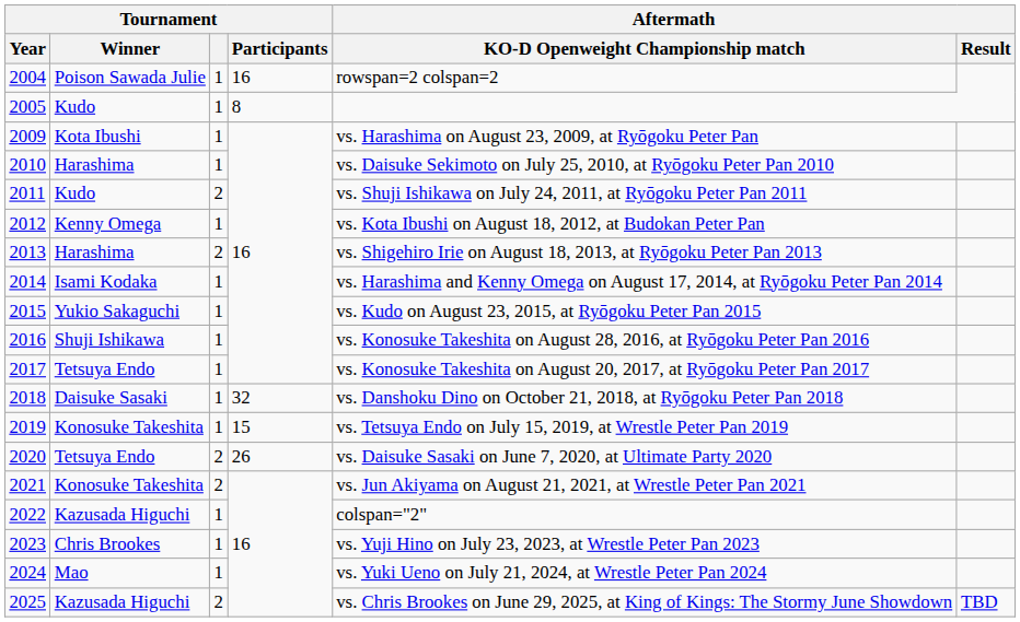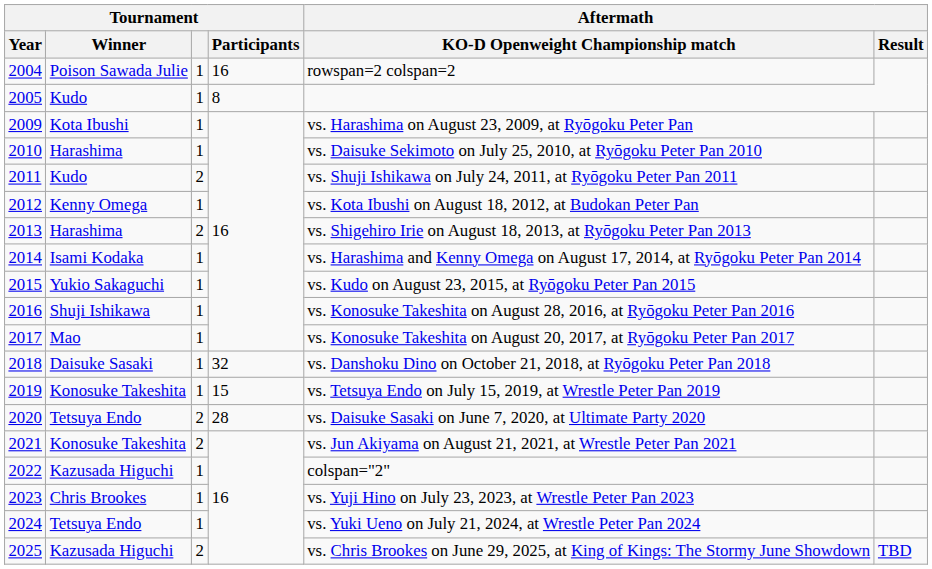 <table class="wikitable sortable">
 <tr>
 <th colspan="4">Tournament</th>
 <th colspan="2">Aftermath</th>
 </tr>
 <tr>
 <th>Year</th>
 <th>Winner</th>
 <th></th>
 <th>Participants</th>
 <th>KO-D Openweight Championship match</th>
 <th>Result</th>
 </tr>
 <tr>
 <td><a href='#'>2004</a></td>
 <td><a href='#'>Poison Sawada Julie</a></td>
 <td>1</td>
 <td>16</td>
 <td>rowspan=2 colspan=2 </td>
 </tr>
 <tr>
 <td><a href='#'>2005</a></td>
 <td><a href='#'>Kudo</a></td>
 <td>1</td>
 <td>8</td>
 </tr>
 <tr>
 <td><a href='#'>2009</a></td>
 <td><a href='#'>Kota Ibushi</a></td>
 <td>1</td>
 <td rowspan=9>16</td>
 <td>vs. <a href='#'>Harashima</a> on August 23, 2009, at <a href='#'>Ryōgoku Peter Pan</a></td>
 <td></td>
 </tr>
 <tr>
 <td><a href='#'>2010</a></td>
 <td><a href='#'>Harashima</a></td>
 <td>1</td>
 <td>vs. <a href='#'>Daisuke Sekimoto</a> on July 25, 2010, at <a href='#'>Ryōgoku Peter Pan 2010</a></td>
 <td></td>
 </tr>
 <tr>
 <td><a href='#'>2011</a></td>
 <td><a href='#'>Kudo</a></td>
 <td>2</td>
 <td>vs. <a href='#'>Shuji Ishikawa</a> on July 24, 2011, at <a href='#'>Ryōgoku Peter Pan 2011</a></td>
 <td></td>
 </tr>
 <tr>
 <td><a href='#'>2012</a></td>
 <td><a href='#'>Kenny Omega</a></td>
 <td>1</td>
 <td>vs. <a href='#'>Kota Ibushi</a> on August 18, 2012, at <a href='#'>Budokan Peter Pan</a></td>
 <td></td>
 </tr>
 <tr>
 <td><a href='#'>2013</a></td>
 <td><a href='#'>Harashima</a></td>
 <td>2</td>
 <td>vs. <a href='#'>Shigehiro Irie</a> on August 18, 2013, at <a href='#'>Ryōgoku Peter Pan 2013</a></td>
 <td></td>
 </tr>
 <tr>
 <td><a href='#'>2014</a></td>
 <td><a href='#'>Isami Kodaka</a></td>
 <td>1</td>
 <td>vs. <a href='#'>Harashima</a>  and <a href='#'>Kenny Omega</a> on August 17, 2014, at <a href='#'>Ryōgoku Peter Pan 2014</a></td>
 <td></td>
 </tr>
 <tr>
 <td><a href='#'>2015</a></td>
 <td><a href='#'>Yukio Sakaguchi</a></td>
 <td>1</td>
 <td>vs. <a href='#'>Kudo</a> on August 23, 2015, at <a href='#'>Ryōgoku Peter Pan 2015</a></td>
 <td></td>
 </tr>
 <tr>
 <td><a href='#'>2016</a></td>
 <td><a href='#'>Shuji Ishikawa</a></td>
 <td>1</td>
 <td>vs. <a href='#'>Konosuke Takeshita</a> on August 28, 2016, at <a href='#'>Ryōgoku Peter Pan 2016</a></td>
 <td></td>
 </tr>
 <tr>
 <td><a href='#'>2017</a></td>
-<td><a href='#'>Tetsuya Endo</a></td>
+<td><a href='#'>Mao</a></td>
 <td>1</td>
 <td>vs. <a href='#'>Konosuke Takeshita</a> on August 20, 2017, at <a href='#'>Ryōgoku Peter Pan 2017</a></td>
 <td></td>
 </tr>
 <tr>
 <td><a href='#'>2018</a></td>
 <td><a href='#'>Daisuke Sasaki</a></td>
 <td>1</td>
 <td>32</td>
 <td>vs. <a href='#'>Danshoku Dino</a> on October 21, 2018, at <a href='#'>Ryōgoku Peter Pan 2018</a></td>
 <td></td>
 </tr>
 <tr>
 <td><a href='#'>2019</a></td>
 <td><a href='#'>Konosuke Takeshita</a></td>
 <td>1</td>
 <td>15</td>
 <td>vs. <a href='#'>Tetsuya Endo</a> on July 15, 2019, at <a href='#'>Wrestle Peter Pan 2019</a></td>
 <td></td>
 </tr>
 <tr>
 <td><a href='#'>2020</a></td>
 <td><a href='#'>Tetsuya Endo</a></td>
 <td>2</td>
-<td>26</td>
+<td>28</td>
 <td>vs. <a href='#'>Daisuke Sasaki</a> on June 7, 2020, at <a href='#'>Ultimate Party 2020</a></td>
 <td></td>
 </tr>
 <tr>
 <td><a href='#'>2021</a></td>
 <td><a href='#'>Konosuke Takeshita</a></td>
 <td>2</td>
 <td rowspan=5>16</td>
 <td>vs. <a href='#'>Jun Akiyama</a> on August 21, 2021, at <a href='#'>Wrestle Peter Pan 2021</a></td>
 <td></td>
 </tr>
 <tr>
 <td><a href='#'>2022</a></td>
 <td><a href='#'>Kazusada Higuchi</a></td>
 <td>1</td>
 <td>colspan="2" </td>
 </tr>
 <tr>
 <td><a href='#'>2023</a></td>
 <td><a href='#'>Chris Brookes</a></td>
 <td>1</td>
 <td>vs. <a href='#'>Yuji Hino</a> on July 23, 2023, at <a href='#'>Wrestle Peter Pan 2023</a></td>
 <td></td>
 </tr>
 <tr>
 <td><a href='#'>2024</a></td>
-<td><a href='#'>Mao</a></td>
+<td><a href='#'>Tetsuya Endo</a></td>
 <td>1</td>
 <td>vs. <a href='#'>Yuki Ueno</a> on July 21, 2024, at <a href='#'>Wrestle Peter Pan 2024</a></td>
 <td></td>
 </tr>
 <tr>
 <td><a href='#'>2025</a></td>
 <td><a href='#'>Kazusada Higuchi</a></td>
 <td>2</td>
 <td>vs. <a href='#'>Chris Brookes</a> on June 29, 2025, at <a href='#'>King of Kings: The Stormy June Showdown</a></td>
 <td><a href='#'>TBD</a></td>
 </tr>
 </table>
